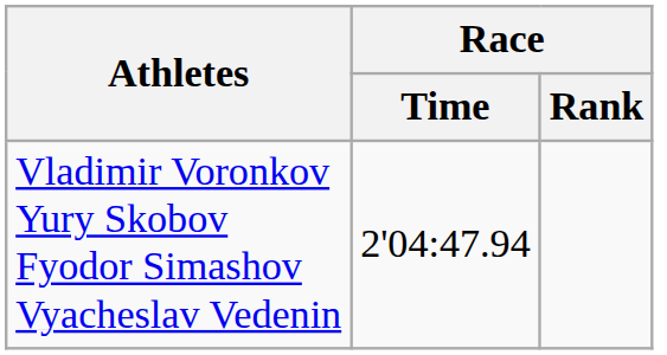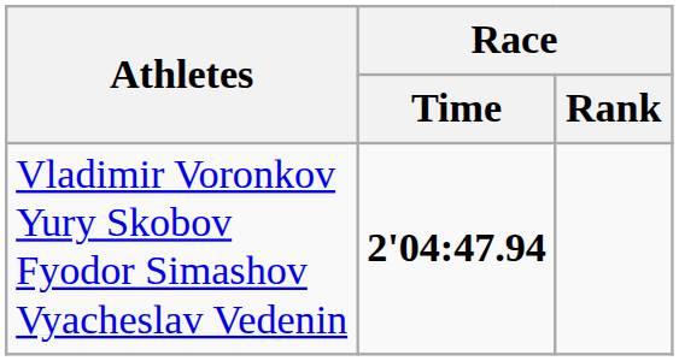 <table class="wikitable" border="1" style="font-size:90%">
 <tr>
 <th rowspan=2>Athletes</th>
 <th colspan=2>Race</th>
 </tr>
 <tr>
 <th>Time</th>
 <th>Rank</th>
 </tr>
 <tr>
 <td><a href='#'>Vladimir Voronkov</a><br><a href='#'>Yury Skobov</a><br><a href='#'>Fyodor Simashov</a><br><a href='#'>Vyacheslav Vedenin</a></td>
-<td align=center>2'04:47.94</td>
+<td align=center><strong>2'04:47.94</strong></td>
 <td align=center></td>
 </tr>
 </table>
